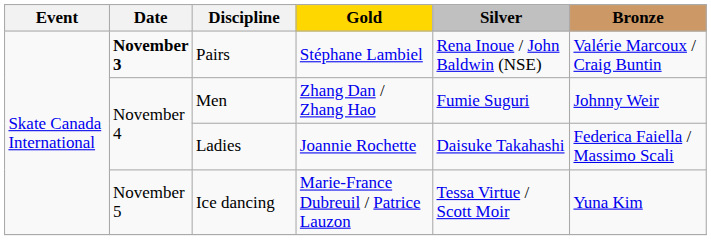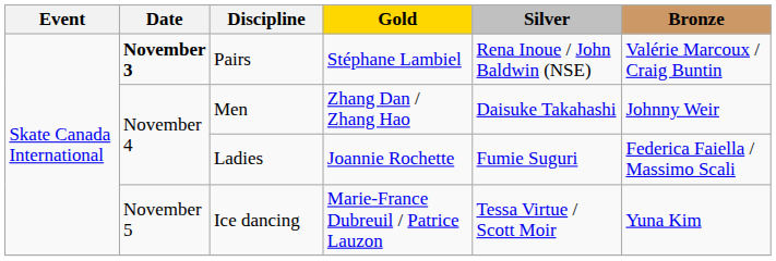 <table class="wikitable" width="75%">
 <tr>
 <th width="15%">Event</th>
 <th width="10%">Date</th>
 <th width="15%">Discipline</th>
 <td width = "20%" align="center" bgcolor="gold"><strong>Gold</strong></td>
 <td width = "20%" align="center" bgcolor="silver"><strong>Silver</strong></td>
 <td width = "20%" align="center" bgcolor="cc9966"><strong>Bronze</strong></td>
 </tr>
 <tr>
 <td rowspan = 4> <a href='#'>Skate Canada International</a></td>
 <td><strong>November 3</strong></td>
 <td>Pairs</td>
 <td> <a href='#'>Stéphane Lambiel</a></td>
 <td> <a href='#'>Rena Inoue</a> / <a href='#'>John Baldwin</a> (NSE)</td>
 <td> <a href='#'>Valérie Marcoux</a> / <a href='#'>Craig Buntin</a></td>
 </tr>
 <tr>
 <td rowspan = 2>November 4</td>
 <td>Men</td>
 <td> <a href='#'>Zhang Dan</a> / <a href='#'>Zhang Hao</a></td>
-<td> <a href='#'>Fumie Suguri</a></td>
+<td> <a href='#'>Daisuke Takahashi</a></td>
 <td> <a href='#'>Johnny Weir</a></td>
 </tr>
 <tr>
 <td>Ladies</td>
 <td> <a href='#'>Joannie Rochette</a></td>
-<td> <a href='#'>Daisuke Takahashi</a></td>
+<td> <a href='#'>Fumie Suguri</a></td>
 <td> <a href='#'>Federica Faiella</a> / <a href='#'>Massimo Scali</a></td>
 </tr>
 <tr>
 <td>November 5</td>
 <td>Ice dancing</td>
 <td> <a href='#'>Marie-France Dubreuil</a> / <a href='#'>Patrice Lauzon</a></td>
 <td> <a href='#'>Tessa Virtue</a> / <a href='#'>Scott Moir</a></td>
 <td> <a href='#'>Yuna Kim</a></td>
 </tr>
 <tr>
 </tr>
 </table>
